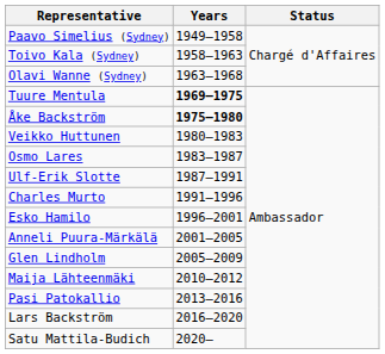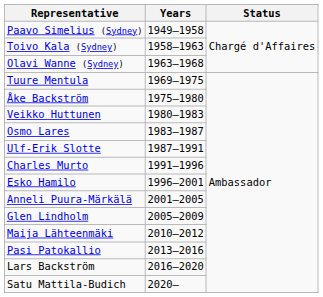 <table class="wikitable sortable">
 <tr>
 <th>Representative</th>
 <th>Years</th>
 <th>Status</th>
 </tr>
 <tr>
 <td><a href='#'>Paavo Simelius</a> <small>(<a href='#'>Sydney</a>)</small></td>
 <td>1949–1958</td>
 <td rowspan="3">Chargé d'Affaires</td>
 </tr>
 <tr>
 <td><a href='#'>Toivo Kala</a> <small>(<a href='#'>Sydney</a>)</small></td>
 <td>1958–1963</td>
 </tr>
 <tr>
 <td><a href='#'>Olavi Wanne</a> <small>(<a href='#'>Sydney</a>)</small></td>
 <td>1963–1968</td>
 </tr>
 <tr>
 <td><a href='#'>Tuure Mentula</a></td>
-<td><strong>1969–1975</strong></td>
+<td>1969–1975</td>
 <td rowspan="13">Ambassador</td>
 </tr>
 <tr>
 <td><a href='#'>Åke Backström</a></td>
-<td><strong>1975–1980</strong></td>
+<td>1975–1980</td>
 </tr>
 <tr>
 <td><a href='#'>Veikko Huttunen</a></td>
 <td>1980–1983</td>
 </tr>
 <tr>
 <td><a href='#'>Osmo Lares</a></td>
 <td>1983–1987</td>
 </tr>
 <tr>
 <td><a href='#'>Ulf-Erik Slotte</a></td>
 <td>1987–1991</td>
 </tr>
 <tr>
 <td><a href='#'>Charles Murto</a></td>
 <td>1991–1996</td>
 </tr>
 <tr>
 <td><a href='#'>Esko Hamilo</a></td>
 <td>1996–2001</td>
 </tr>
 <tr>
 <td><a href='#'>Anneli Puura-Märkälä</a></td>
 <td>2001–2005</td>
 </tr>
 <tr>
 <td><a href='#'>Glen Lindholm</a></td>
 <td>2005–2009</td>
 </tr>
 <tr>
 <td><a href='#'>Maija Lähteenmäki</a></td>
 <td>2010–2012</td>
 </tr>
 <tr>
 <td><a href='#'>Pasi Patokallio</a></td>
 <td>2013–2016</td>
 </tr>
 <tr>
 <td>Lars Backström</td>
 <td>2016–2020</td>
 </tr>
 <tr>
 <td>Satu Mattila-Budich</td>
 <td>2020–</td>
 </tr>
 </table>
